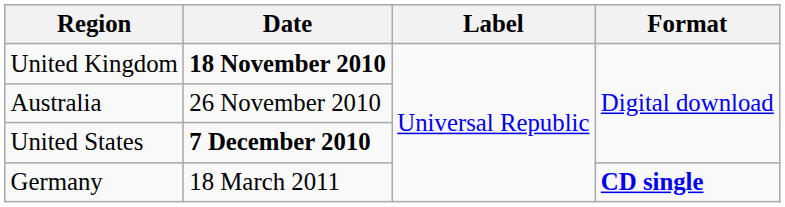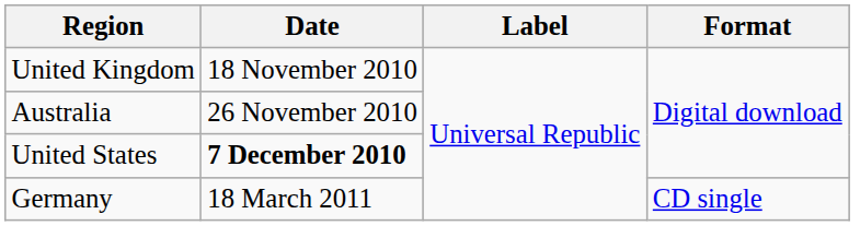 <table class="wikitable">
 <tr>
 <th>Region</th>
 <th>Date</th>
 <th>Label</th>
 <th>Format</th>
 </tr>
 <tr>
 <td>United Kingdom</td>
-<td><strong>18 November 2010</strong></td>
+<td>18 November 2010</td>
 <td rowspan="4"><a href='#'>Universal Republic</a></td>
 <td rowspan="3"><a href='#'>Digital download</a></td>
 </tr>
 <tr>
 <td>Australia</td>
 <td>26 November 2010</td>
 </tr>
 <tr>
 <td>United States</td>
 <td><strong>7 December 2010</strong></td>
 </tr>
 <tr>
 <td>Germany</td>
 <td>18 March 2011</td>
-<td><strong><a href='#'>CD single</a></strong></td>
+<td><a href='#'>CD single</a></td>
 </tr>
 </table>
